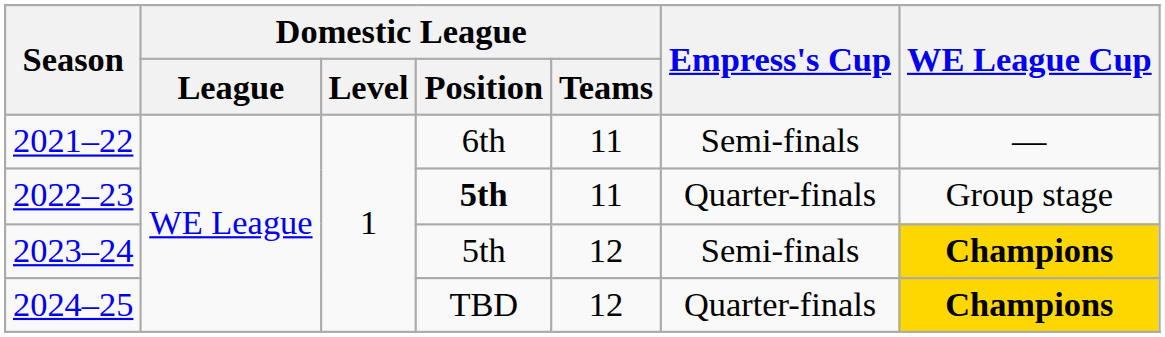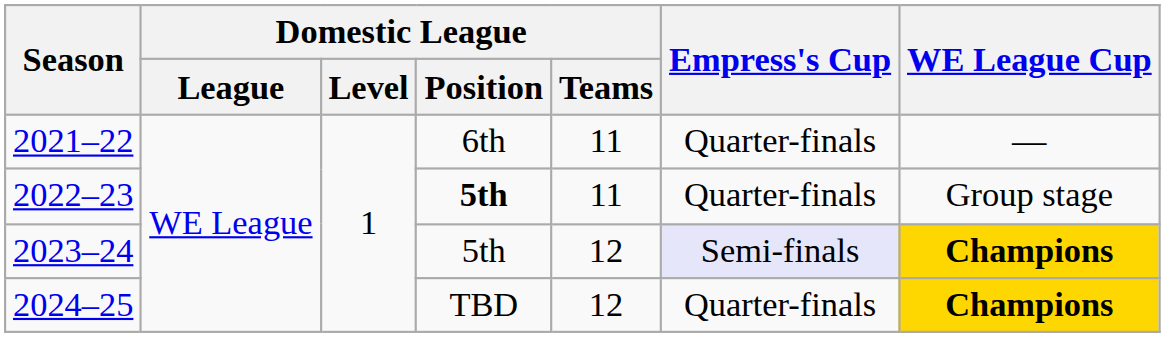 <table class="wikitable" style="text-align:center;">
 <tr style="background:#f0f6fa;">
 <th rowspan="2"><strong>Season</strong></th>
 <th colspan="4"><strong>Domestic League</strong></th>
 <th rowspan="2"><strong><a href='#'>Empress's Cup</a></strong></th>
 <th rowspan="2"><strong><a href='#'>WE League Cup</a></strong></th>
 </tr>
 <tr>
 <th>League</th>
 <th>Level</th>
 <th>Position</th>
 <th>Teams</th>
 </tr>
 <tr>
 <td><a href='#'>2021–22</a></td>
 <td rowspan="4"><a href='#'>WE League</a></td>
 <td rowspan="4">1</td>
 <td>6th</td>
 <td>11</td>
-<td>Semi-finals</td>
+<td>Quarter-finals</td>
 <td>—</td>
 </tr>
 <tr>
 <td><a href='#'>2022–23</a></td>
 <td><strong>5th</strong></td>
 <td>11</td>
 <td>Quarter-finals</td>
 <td>Group stage</td>
 </tr>
 <tr>
 <td><a href='#'>2023–24</a></td>
 <td>5th</td>
 <td>12</td>
-<td>Semi-finals</td>
+<td style="background: lavender;">Semi-finals</td>
 <td bgcolor="gold"><strong>Champions</strong></td>
 </tr>
 <tr>
 <td><a href='#'>2024–25</a></td>
 <td>TBD</td>
 <td>12</td>
 <td>Quarter-finals</td>
 <td bgcolor="gold"><strong>Champions</strong></td>
 </tr>
 </table>
